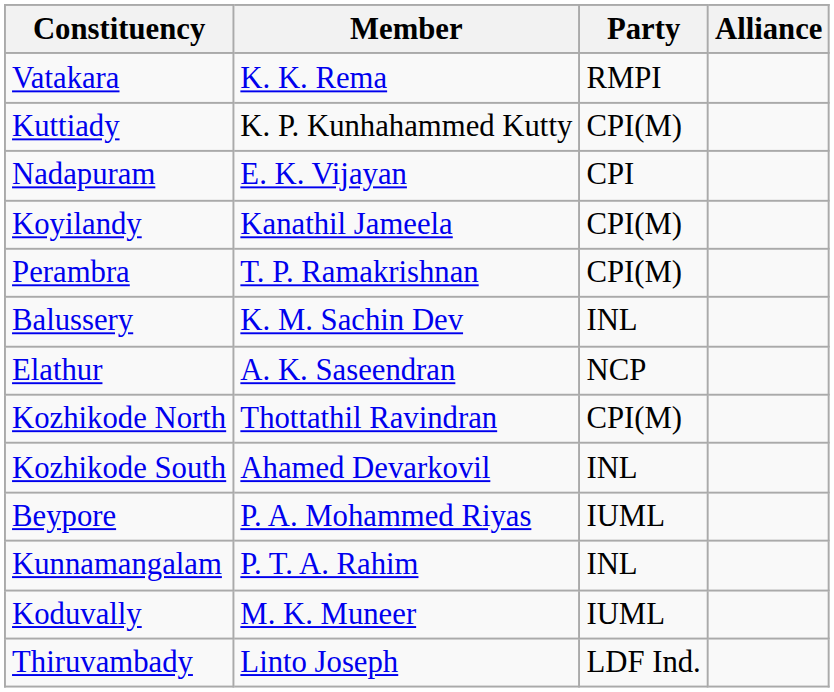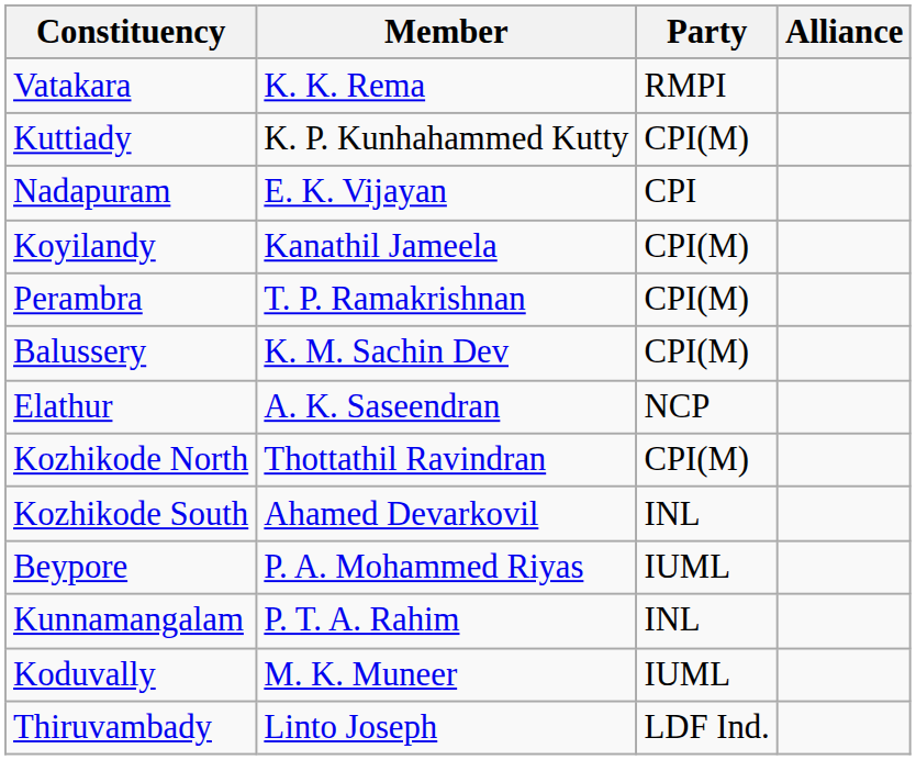 <table class="sortable wikitable">
 <tr>
 <th>Constituency</th>
 <th>Member</th>
 <th>Party</th>
 <th>Alliance</th>
 </tr>
 <tr>
 <td><a href='#'>Vatakara</a></td>
 <td><a href='#'>K. K. Rema</a></td>
 <td style="background:">RMPI</td>
 <td></td>
 </tr>
 <tr>
 <td><a href='#'>Kuttiady</a></td>
 <td>K. P. Kunhahammed Kutty</td>
 <td style="background-color:">CPI(M)</td>
 <td></td>
 </tr>
 <tr>
 <td><a href='#'>Nadapuram</a></td>
 <td><a href='#'>E. K. Vijayan</a></td>
 <td style="background:">CPI</td>
 <td></td>
 </tr>
 <tr>
 <td><a href='#'>Koyilandy</a></td>
 <td><a href='#'>Kanathil Jameela</a></td>
 <td style="background:">CPI(M)</td>
 <td></td>
 </tr>
 <tr>
 <td><a href='#'>Perambra</a></td>
 <td><a href='#'>T. P. Ramakrishnan</a></td>
 <td style="background:">CPI(M)</td>
 <td></td>
 </tr>
 <tr>
 <td><a href='#'>Balussery</a></td>
 <td><a href='#'>K. M. Sachin Dev</a></td>
-<td style="background-color:">INL</td>
+<td style="background:">CPI(M)</td>
 <td></td>
 </tr>
 <tr>
 <td><a href='#'>Elathur</a></td>
 <td><a href='#'>A. K. Saseendran</a></td>
 <td style="background:">NCP</td>
 <td></td>
 </tr>
 <tr>
 <td><a href='#'>Kozhikode North</a></td>
 <td><a href='#'>Thottathil Ravindran</a></td>
 <td style="background:">CPI(M)</td>
 <td></td>
 </tr>
 <tr>
 <td><a href='#'>Kozhikode South</a></td>
 <td><a href='#'>Ahamed Devarkovil</a></td>
 <td style="background-color:">INL</td>
 <td></td>
 </tr>
 <tr>
 <td><a href='#'>Beypore</a></td>
 <td><a href='#'>P. A. Mohammed Riyas</a></td>
 <td style="background:">IUML</td>
 <td></td>
 </tr>
 <tr>
 <td><a href='#'>Kunnamangalam</a></td>
 <td><a href='#'>P. T. A. Rahim</a></td>
 <td style="background-color:">INL</td>
 <td></td>
 </tr>
 <tr>
 <td><a href='#'>Koduvally</a></td>
 <td><a href='#'>M. K. Muneer</a></td>
 <td style="background:">IUML</td>
 <td></td>
 </tr>
 <tr>
 <td><a href='#'>Thiruvambady</a></td>
 <td><a href='#'>Linto Joseph</a></td>
 <td style="background:">LDF Ind.</td>
 <td></td>
 </tr>
 </table>
